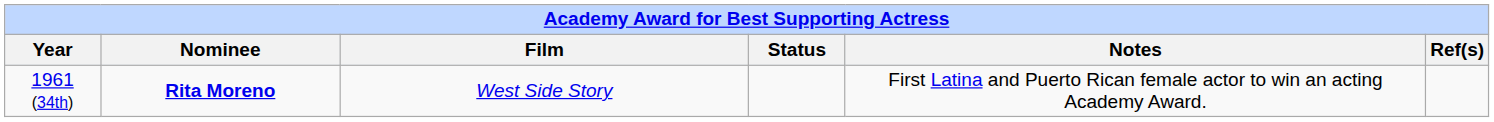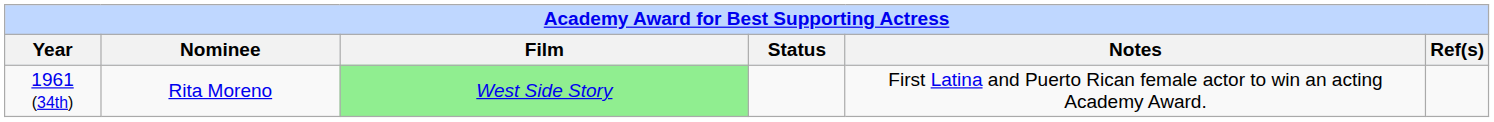 <table class="wikitable" style="text-align: center">
 <tr style="background:#bfd7ff;">
 <td colspan="6" style="text-align:center;"><strong><a href='#'>Academy Award for Best Supporting Actress</a></strong></td>
 </tr>
 <tr style="background:#ebf5ff;">
 <th style="width:75px;">Year</th>
 <th style="width:200px;">Nominee</th>
 <th style="width:350px;">Film</th>
 <th style="width:75px;">Status</th>
 <th style="width:500px;">Notes</th>
 <th width="3">Ref(s)</th>
 </tr>
 <tr>
 <td style="text-align: center"><a href='#'>1961</a><br><small>(<a href='#'>34th</a>)</small></td>
-<td><strong><a href='#'>Rita Moreno</a></strong></td>
-<td><em><a href='#'>West Side Story</a></em></td>
+<td><a href='#'>Rita Moreno</a></td>
+<td style="background: lightgreen;"><em><a href='#'>West Side Story</a></em></td>
 <td></td>
 <td>First <a href='#'>Latina</a> and Puerto Rican female actor to win an acting Academy Award.</td>
 <td></td>
 </tr>
 </table>
